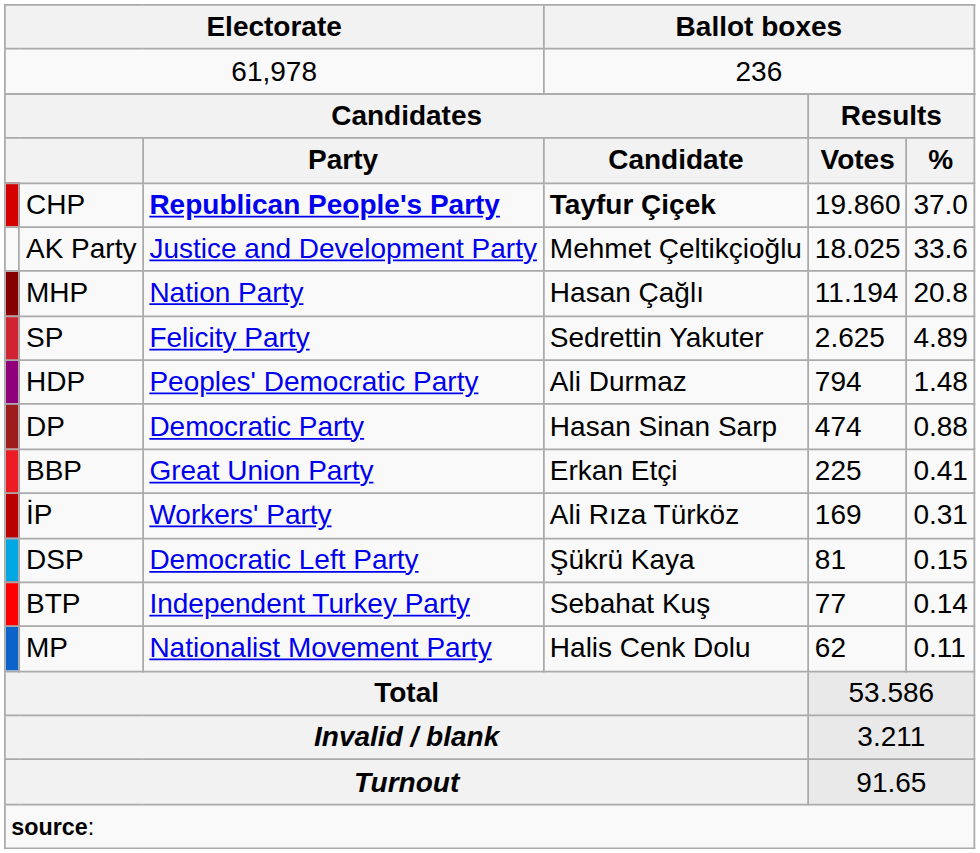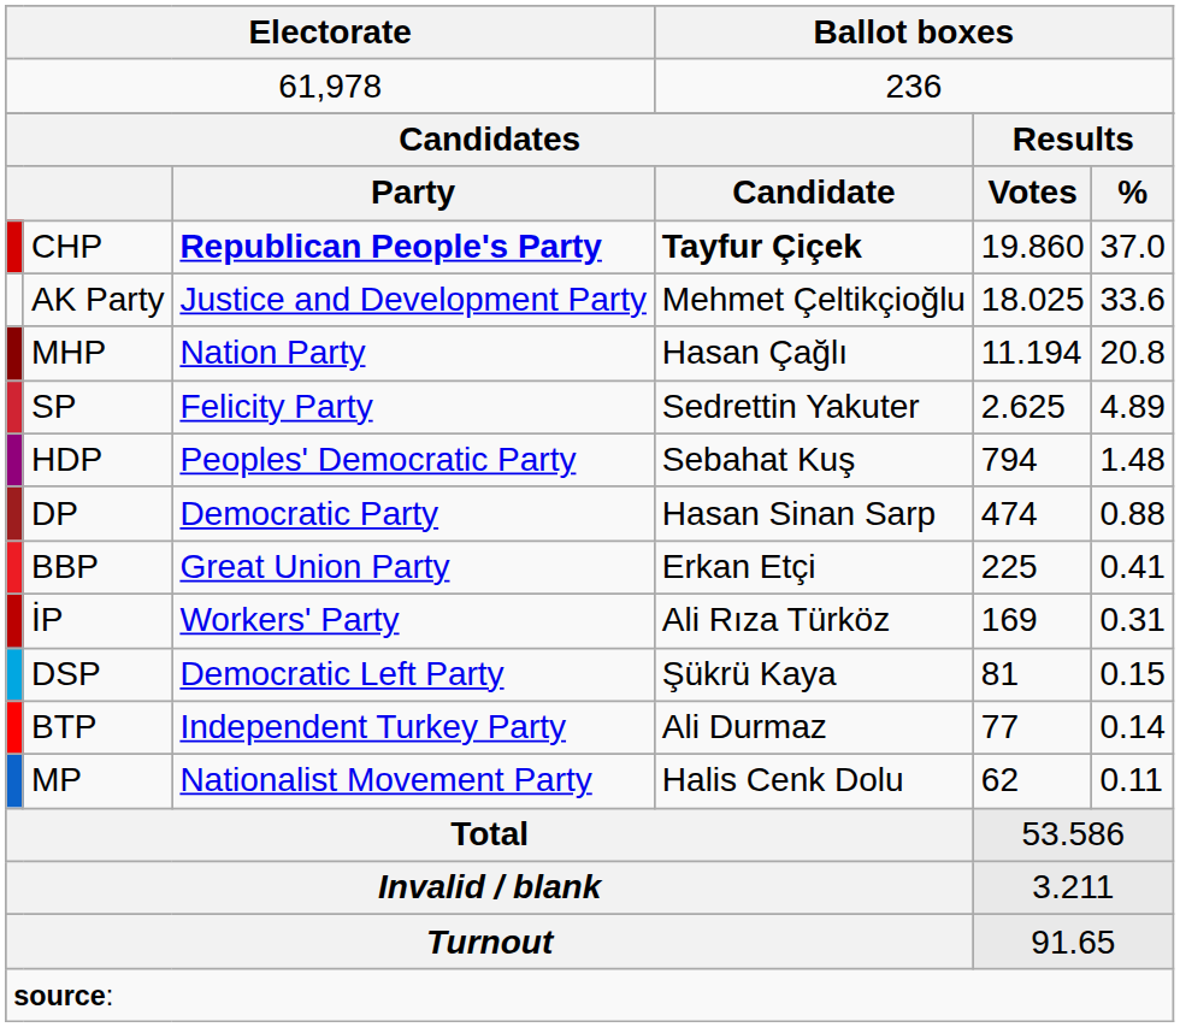 <table class="wikitable">
 <tr style="background-color:#F2F2F2">
 <td align="center" colspan="3"><strong>Electorate</strong></td>
 <td align="center" colspan="7"><strong>Ballot boxes</strong></td>
 </tr>
 <tr align="left">
 <td align="center" colspan="3">61,978</td>
 <td align="center" colspan="7">236</td>
 </tr>
 <tr>
 </tr>
 <tr style="background-color:#E9E9E9">
 </tr>
 <tr>
 <th align="center" colspan="4">Candidates</th>
 <th align="center" colspan="6">Results</th>
 </tr>
 <tr style="background-color:#E9E9E9">
 <th align="center" colspan="2"></th>
 <th align="center">Party</th>
 <th align="center">Candidate</th>
 <th align="center">Votes</th>
 <th align="center">%</th>
 </tr>
 <tr align="left">
 <td bgcolor="#d50000" width=1></td>
 <td>CHP</td>
 <td><strong><a href='#'>Republican People's Party</a></strong></td>
 <td><strong>Tayfur Çiçek</strong></td>
 <td>19.860</td>
 <td>37.0</td>
 </tr>
 <tr align="left">
 <td></td>
 <td>AK Party</td>
 <td><a href='#'>Justice and Development Party</a></td>
 <td>Mehmet Çeltikçioğlu</td>
 <td>18.025</td>
 <td>33.6</td>
 </tr>
 <tr align="left">
 <td bgcolor="#870000" width=1></td>
 <td>MHP</td>
 <td><a href='#'>Nation Party</a></td>
 <td>Hasan Çağlı</td>
 <td>11.194</td>
 <td>20.8</td>
 </tr>
 <tr align="left">
 <td bgcolor="#D02433" width=1></td>
 <td>SP</td>
 <td><a href='#'>Felicity Party</a></td>
 <td>Sedrettin Yakuter</td>
 <td>2.625</td>
 <td>4.89</td>
 </tr>
 <tr align="left">
 <td bgcolor="#91007B" width=1></td>
 <td>HDP</td>
 <td><a href='#'>Peoples' Democratic Party</a></td>
-<td>Ali Durmaz</td>
+<td>Sebahat Kuş</td>
 <td>794</td>
 <td>1.48</td>
 </tr>
 <tr align="left">
 <td bgcolor="#9D1D1E" width=1></td>
 <td>DP</td>
 <td><a href='#'>Democratic Party</a></td>
 <td>Hasan Sinan Sarp</td>
 <td>474</td>
 <td>0.88</td>
 </tr>
 <tr align="left">
 <td bgcolor="#ED1C24" width=1></td>
 <td>BBP</td>
 <td><a href='#'>Great Union Party</a></td>
 <td>Erkan Etçi</td>
 <td>225</td>
 <td>0.41</td>
 </tr>
 <tr align="left">
 <td bgcolor="#BB0000" width=1></td>
 <td>İP</td>
 <td><a href='#'>Workers' Party</a></td>
 <td>Ali Rıza Türköz</td>
 <td>169</td>
 <td>0.31</td>
 </tr>
 <tr align="left">
 <td bgcolor="#01A7E1" width=1></td>
 <td>DSP</td>
 <td><a href='#'>Democratic Left Party</a></td>
 <td>Şükrü Kaya</td>
 <td>81</td>
 <td>0.15</td>
 </tr>
 <tr align="left">
 <td bgcolor="#FE0000" width=1></td>
 <td>BTP</td>
 <td><a href='#'>Independent Turkey Party</a></td>
-<td>Sebahat Kuş</td>
+<td>Ali Durmaz</td>
 <td>77</td>
 <td>0.14</td>
 </tr>
 <tr align="left">
 <td bgcolor="#0C63CA" width=1></td>
 <td>MP</td>
 <td><a href='#'>Nationalist Movement Party</a></td>
 <td>Halis Cenk Dolu</td>
 <td>62</td>
 <td>0.11</td>
 </tr>
 <tr style="background-color:#E9E9E9" align="left">
 <th align="center" colspan="4"><strong>Total</strong></th>
 <td align="center" colspan="5">53.586</td>
 </tr>
 <tr style="background-color:#E9E9E9" align="left">
 <th align="center" colspan="4"><em>Invalid / blank</em></th>
 <td align="center" colspan="5">3.211</td>
 </tr>
 <tr style="background-color:#E9E9E9" align="left">
 <th align="center" colspan="4"><em>Turnout</em></th>
 <td align="center" colspan="5">91.65</td>
 </tr>
 <tr>
 <td align="left" colspan=10><small><strong>source</strong>: </small></td>
 </tr>
 </table>
